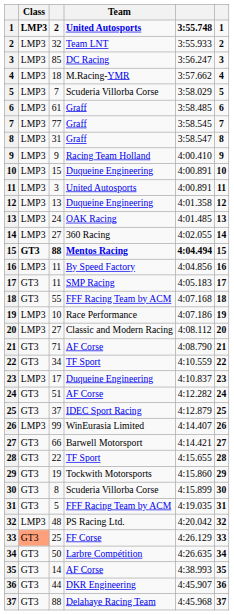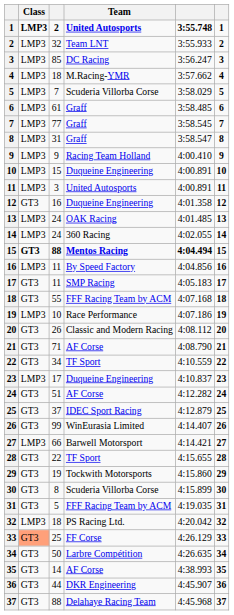 <table class="wikitable" style="font-size: 85%;">
 <tr>
 <th scope="col"></th>
 <th scope="col">Class</th>
 <th scope="col"></th>
 <th scope="col">Team</th>
 <th scope="col"></th>
 <th scope="col"></th>
 </tr>
 <tr>
 <th scope="row">1</th>
 <td><strong>LMP3</strong></td>
 <td align="center"><strong>2</strong></td>
 <td><strong><a href='#'>United Autosports</a></strong></td>
 <td align="center"><strong>3:55.748</strong></td>
 <td align="center"><strong>1</strong></td>
 </tr>
 <tr>
 <th scope="row">2</th>
 <td>LMP3</td>
 <td align="center">32</td>
 <td><a href='#'>Team LNT</a></td>
 <td align="center">3:55.933</td>
 <td align="center"><strong>2</strong></td>
 </tr>
 <tr>
 <th scope="row">3</th>
 <td>LMP3</td>
 <td align="center">85</td>
 <td><a href='#'>DC Racing</a></td>
 <td align="center">3:56.247</td>
 <td align="center"><strong>3</strong></td>
 </tr>
 <tr>
 <th scope="row">4</th>
 <td>LMP3</td>
 <td align="center">18</td>
 <td>M.Racing-<a href='#'>YMR</a></td>
 <td align="center">3:57.662</td>
 <td align="center"><strong>4</strong></td>
 </tr>
 <tr>
 <th scope="row">5</th>
 <td>LMP3</td>
 <td align="center">7</td>
 <td>Scuderia Villorba Corse</td>
 <td align="center">3:58.029</td>
 <td align="center"><strong>5</strong></td>
 </tr>
 <tr>
 <th scope="row">6</th>
 <td>LMP3</td>
 <td align="center">61</td>
 <td><a href='#'>Graff</a></td>
 <td align="center">3:58.485</td>
 <td align="center"><strong>6</strong></td>
 </tr>
 <tr>
 <th scope="row">7</th>
 <td>LMP3</td>
 <td align="center">77</td>
 <td><a href='#'>Graff</a></td>
 <td align="center">3:58.545</td>
 <td align="center"><strong>7</strong></td>
 </tr>
 <tr>
 <th scope="row">8</th>
 <td>LMP3</td>
 <td align="center">31</td>
 <td><a href='#'>Graff</a></td>
 <td align="center">3:58.547</td>
 <td align="center"><strong>8</strong></td>
 </tr>
 <tr>
 <th scope="row">9</th>
 <td>LMP3</td>
 <td align="center">9</td>
 <td><a href='#'>Racing Team Holland</a></td>
 <td align="center">4:00.410</td>
 <td align="center"><strong>9</strong></td>
 </tr>
 <tr>
 <th scope="row">10</th>
 <td>LMP3</td>
 <td align="center">15</td>
 <td><a href='#'>Duqueine Engineering</a></td>
 <td align="center">4:00.891</td>
 <td align="center"><strong>10</strong></td>
 </tr>
 <tr>
 <th scope="row">11</th>
 <td>LMP3</td>
 <td align="center">3</td>
 <td><a href='#'>United Autosports</a></td>
 <td align="center">4:00.891</td>
 <td align="center"><strong>11</strong></td>
 </tr>
 <tr>
 <th scope="row">12</th>
-<td>LMP3</td>
-<td align="center">13</td>
+<td>GT3</td>
+<td align="center">16</td>
 <td><a href='#'>Duqueine Engineering</a></td>
 <td align="center">4:01.358</td>
 <td align="center"><strong>12</strong></td>
 </tr>
 <tr>
 <th scope="row">13</th>
 <td>LMP3</td>
 <td align="center">24</td>
 <td><a href='#'>OAK Racing</a></td>
 <td align="center">4:01.485</td>
 <td align="center"><strong>13</strong></td>
 </tr>
 <tr>
 <th scope="row">14</th>
 <td>LMP3</td>
-<td align="center">27</td>
+<td align="center">24</td>
 <td>360 Racing</td>
 <td align="center">4:02.055</td>
 <td align="center"><strong>14</strong></td>
 </tr>
 <tr>
 <th scope="row">15</th>
 <td><strong>GT3</strong></td>
 <td align="center"><strong>88</strong></td>
 <td><strong><a href='#'>Mentos Racing</a></strong></td>
 <td align="center"><strong>4:04.494</strong></td>
 <td align="center"><strong>15</strong></td>
 </tr>
 <tr>
 <th scope="row">16</th>
 <td>LMP3</td>
 <td align="center">11</td>
 <td><a href='#'>By Speed Factory</a></td>
 <td align="center">4:04.856</td>
 <td align="center"><strong>16</strong></td>
 </tr>
 <tr>
 <th scope="row">17</th>
 <td>GT3</td>
 <td align="center">11</td>
 <td><a href='#'>SMP Racing</a></td>
 <td align="center">4:05.183</td>
 <td align="center"><strong>17</strong></td>
 </tr>
 <tr>
 <th scope="row">18</th>
 <td>GT3</td>
 <td align="center">55</td>
 <td><a href='#'>FFF Racing Team by ACM</a></td>
 <td align="center">4:07.168</td>
 <td align="center"><strong>18</strong></td>
 </tr>
 <tr>
 <th scope="row">19</th>
 <td>LMP3</td>
 <td align="center">10</td>
 <td>Race Performance</td>
 <td align="center">4:07.186</td>
 <td align="center"><strong>19</strong></td>
 </tr>
 <tr>
 <th scope="row">20</th>
-<td>LMP3</td>
-<td align="center">27</td>
+<td>GT3</td>
+<td align="center">26</td>
 <td>Classic and Modern Racing</td>
 <td align="center">4:08.112</td>
 <td align="center"><strong>20</strong></td>
 </tr>
 <tr>
 <th scope="row">21</th>
 <td>GT3</td>
 <td align="center">71</td>
 <td><a href='#'>AF Corse</a></td>
 <td align="center">4:08.790</td>
 <td align="center"><strong>21</strong></td>
 </tr>
 <tr>
 <th scope="row">22</th>
 <td>GT3</td>
 <td align="center">34</td>
 <td><a href='#'>TF Sport</a></td>
 <td align="center">4:10.559</td>
 <td align="center"><strong>22</strong></td>
 </tr>
 <tr>
 <th scope="row">23</th>
 <td>LMP3</td>
 <td align="center">17</td>
 <td><a href='#'>Duqueine Engineering</a></td>
 <td align="center">4:10.837</td>
 <td align="center"><strong>23</strong></td>
 </tr>
 <tr>
 <th scope="row">24</th>
 <td>GT3</td>
 <td align="center">51</td>
 <td><a href='#'>AF Corse</a></td>
 <td align="center">4:12.282</td>
 <td align="center"><strong>24</strong></td>
 </tr>
 <tr>
 <th scope="row">25</th>
 <td>GT3</td>
 <td align="center">37</td>
 <td><a href='#'>IDEC Sport Racing</a></td>
 <td align="center">4:12.879</td>
 <td align="center"><strong>25</strong></td>
 </tr>
 <tr>
 <th scope="row">26</th>
-<td>LMP3</td>
+<td>GT3</td>
 <td align="center">99</td>
 <td>WinEurasia Limited</td>
 <td align="center">4:14.407</td>
 <td align="center"><strong>26</strong></td>
 </tr>
 <tr>
 <th scope="row">27</th>
-<td>GT3</td>
+<td>LMP3</td>
 <td align="center">66</td>
 <td>Barwell Motorsport</td>
 <td align="center">4:14.421</td>
 <td align="center"><strong>27</strong></td>
 </tr>
 <tr>
 <th scope="row">28</th>
 <td>GT3</td>
 <td align="center">22</td>
 <td><a href='#'>TF Sport</a></td>
 <td align="center">4:15.655</td>
 <td align="center"><strong>28</strong></td>
 </tr>
 <tr>
 <th scope="row">29</th>
 <td>GT3</td>
 <td align="center">19</td>
 <td>Tockwith Motorsports</td>
 <td align="center">4:15.860</td>
 <td align="center"><strong>29</strong></td>
 </tr>
 <tr>
 <th scope="row">30</th>
 <td>GT3</td>
 <td align="center">8</td>
 <td>Scuderia Villorba Corse</td>
 <td align="center">4:15.899</td>
 <td align="center"><strong>30</strong></td>
 </tr>
 <tr>
 <th scope="row">31</th>
 <td>GT3</td>
 <td align="center">5</td>
 <td><a href='#'>FFF Racing Team by ACM</a></td>
 <td align="center">4:19.035</td>
 <td align="center"><strong>31</strong></td>
 </tr>
 <tr>
 <th scope="row">32</th>
 <td>LMP3</td>
-<td align="center">48</td>
+<td align="center">18</td>
 <td>PS Racing Ltd.</td>
 <td align="center">4:20.042</td>
 <td align="center"><strong>32</strong></td>
 </tr>
 <tr>
 <th scope="row">33</th>
 <td style="background: lightsalmon;">GT3</td>
 <td align="center">25</td>
 <td><a href='#'>FF Corse</a></td>
 <td align="center">4:26.129</td>
 <td align="center"><strong>33</strong></td>
 </tr>
 <tr>
 <th scope="row">34</th>
 <td>GT3</td>
 <td align="center">50</td>
 <td><a href='#'>Larbre Compétition</a></td>
 <td align="center">4:26.635</td>
 <td align="center"><strong>34</strong></td>
 </tr>
 <tr>
 <th scope="row">35</th>
 <td>GT3</td>
 <td align="center">14</td>
 <td><a href='#'>AF Corse</a></td>
 <td align="center">4:38.993</td>
 <td align="center"><strong>35</strong></td>
 </tr>
 <tr>
 <th scope="row">36</th>
 <td>GT3</td>
 <td align="center">44</td>
 <td><a href='#'>DKR Engineering</a></td>
 <td align="center">4:45.907</td>
 <td align="center"><strong>36</strong></td>
 </tr>
 <tr>
 <th scope="row">37</th>
 <td>GT3</td>
 <td align="center">88</td>
 <td><a href='#'>Delahaye Racing Team</a></td>
 <td align="center">4:45.968</td>
 <td align="center"><strong>37</strong></td>
 </tr>
 </table>
